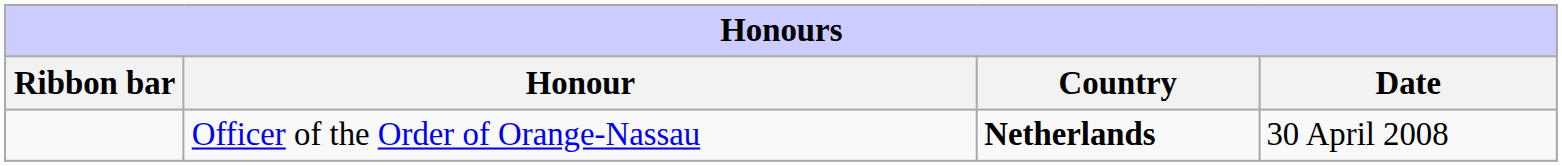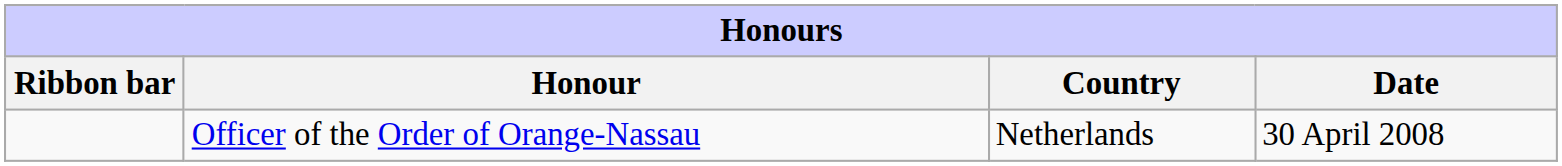 <table class="wikitable" style="width:60%;">
 <tr style="background:#ccf; text-align:center;">
 <td colspan=4><strong>Honours</strong></td>
 </tr>
 <tr>
 <th style="width:80px;">Ribbon bar</th>
 <th>Honour</th>
 <th>Country</th>
 <th>Date</th>
 </tr>
 <tr>
 <td></td>
 <td><a href='#'>Officer</a> of the <a href='#'>Order of Orange-Nassau</a></td>
-<td><strong>Netherlands</strong></td>
+<td>Netherlands</td>
 <td>30 April 2008</td>
 </tr>
 </table>
